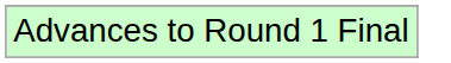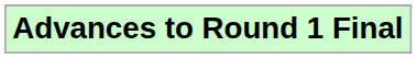 <table class="wikitable">
 <tr>
 </tr>
 <tr width=10px bgcolor="#ccffcc">
-<td>Advances to Round 1 Final</td>
+<td><strong>Advances to Round 1 Final</strong></td>
 </tr>
 </table>
